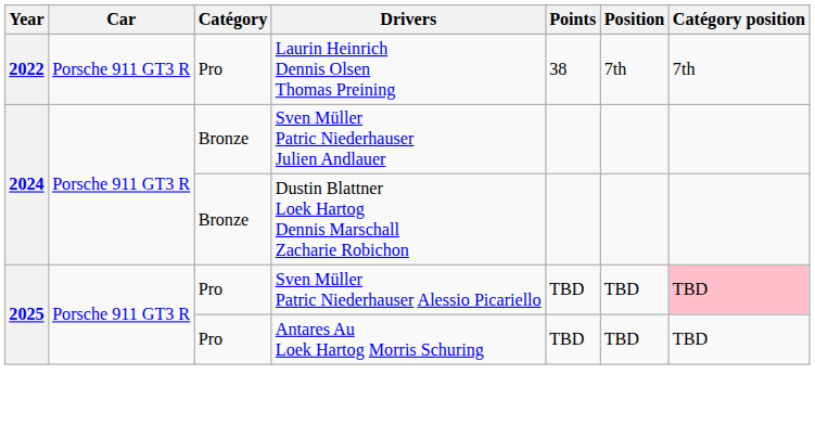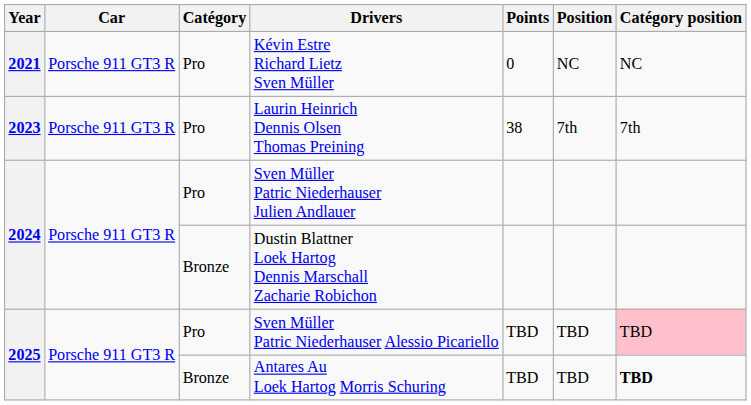 <table class="wikitable" style="font-size: 90%;">
 <tr>
 <th colspan="1">Year</th>
 <th colspan="1">Car</th>
 <th>Catégory</th>
 <th>Drivers</th>
 <th colspan="1">Points</th>
 <th>Position</th>
 <th>Catégory position</th>
 </tr>
 <tr>
-<th><a href='#'>2022</a></th>
+<th><a href='#'>2021</a></th>
+<td><a href='#'>Porsche 911 GT3 R</a></td>
+<td>Pro</td>
+<td> <a href='#'>Kévin Estre</a><br> <a href='#'>Richard Lietz</a><br> <a href='#'>Sven Müller</a></td>
+<td>0</td>
+<td>NC</td>
+<td>NC</td>
+</tr>
+<tr>
+<th><a href='#'>2023</a></th>
 <td><a href='#'>Porsche 911 GT3 R</a></td>
 <td>Pro</td>
 <td> <a href='#'>Laurin Heinrich</a><br> <a href='#'>Dennis Olsen</a><br> <a href='#'>Thomas Preining</a></td>
 <td>38</td>
 <td>7th</td>
 <td>7th</td>
 </tr>
 <tr>
 <th rowspan="2"><a href='#'>2024</a></th>
 <td rowspan="2"><a href='#'>Porsche 911 GT3 R</a></td>
-<td>Bronze</td>
+<td>Pro</td>
 <td> <a href='#'>Sven Müller</a><br> <a href='#'>Patric Niederhauser</a><br> <a href='#'>Julien Andlauer</a></td>
 <td></td>
 <td></td>
 <td></td>
 </tr>
 <tr>
 <td>Bronze</td>
 <td> Dustin Blattner<br> <a href='#'>Loek Hartog</a><br> <a href='#'>Dennis Marschall</a><br> <a href='#'>Zacharie Robichon</a></td>
 <td></td>
 <td></td>
 <td></td>
 </tr>
 <tr>
 <th rowspan="2"><a href='#'>2025</a></th>
 <td rowspan="2"><a href='#'>Porsche 911 GT3 R</a></td>
 <td>Pro</td>
 <td> <a href='#'>Sven Müller</a><br> <a href='#'>Patric Niederhauser</a>  <a href='#'>Alessio Picariello</a></td>
 <td>TBD</td>
 <td>TBD</td>
 <td style="background: pink;">TBD</td>
 </tr>
 <tr>
-<td>Pro</td>
+<td>Bronze</td>
 <td> <a href='#'>Antares Au</a><br> <a href='#'>Loek Hartog</a>  <a href='#'>Morris Schuring</a></td>
 <td>TBD</td>
 <td>TBD</td>
-<td>TBD</td>
+<td><strong>TBD</strong></td>
 </tr>
 </table>
